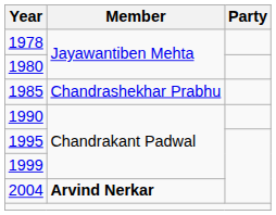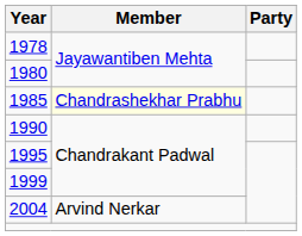 <table class="wikitable">
 <tr>
 <th>Year</th>
 <th>Member</th>
 <th colspan="2">Party</th>
 </tr>
 <tr>
 <td><a href='#'>1978</a></td>
 <td rowspan="2"><a href='#'>Jayawantiben Mehta</a></td>
 <td></td>
 </tr>
 <tr>
 <td><a href='#'>1980</a></td>
 <td></td>
 </tr>
 <tr>
 <td><a href='#'>1985</a></td>
-<td><a href='#'>Chandrashekhar Prabhu</a></td>
+<td style="background: lightyellow;"><a href='#'>Chandrashekhar Prabhu</a></td>
 <td></td>
 </tr>
 <tr>
 <td><a href='#'>1990</a></td>
 <td rowspan="3">Chandrakant Padwal</td>
 <td></td>
 </tr>
 <tr>
 <td><a href='#'>1995</a></td>
 </tr>
 <tr>
 <td><a href='#'>1999</a></td>
 </tr>
 <tr>
 <td><a href='#'>2004</a></td>
-<td><strong>Arvind Nerkar</strong></td>
+<td>Arvind Nerkar</td>
 </tr>
 <tr>
 <td colspan="4"></td>
 </tr>
 </table>
